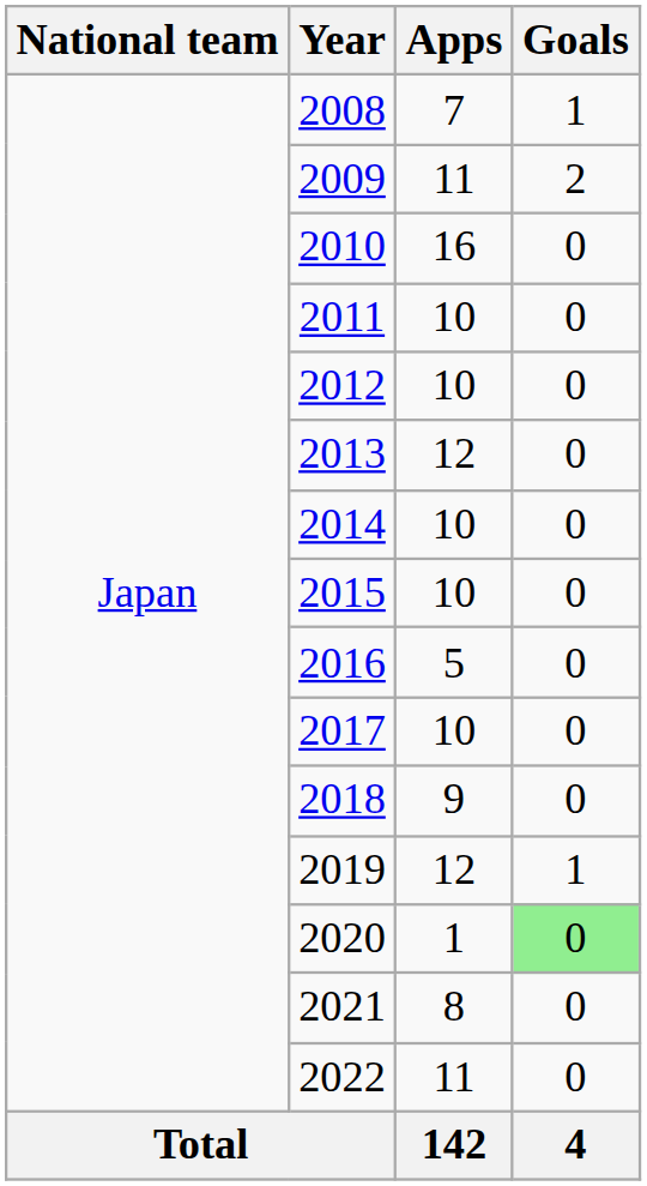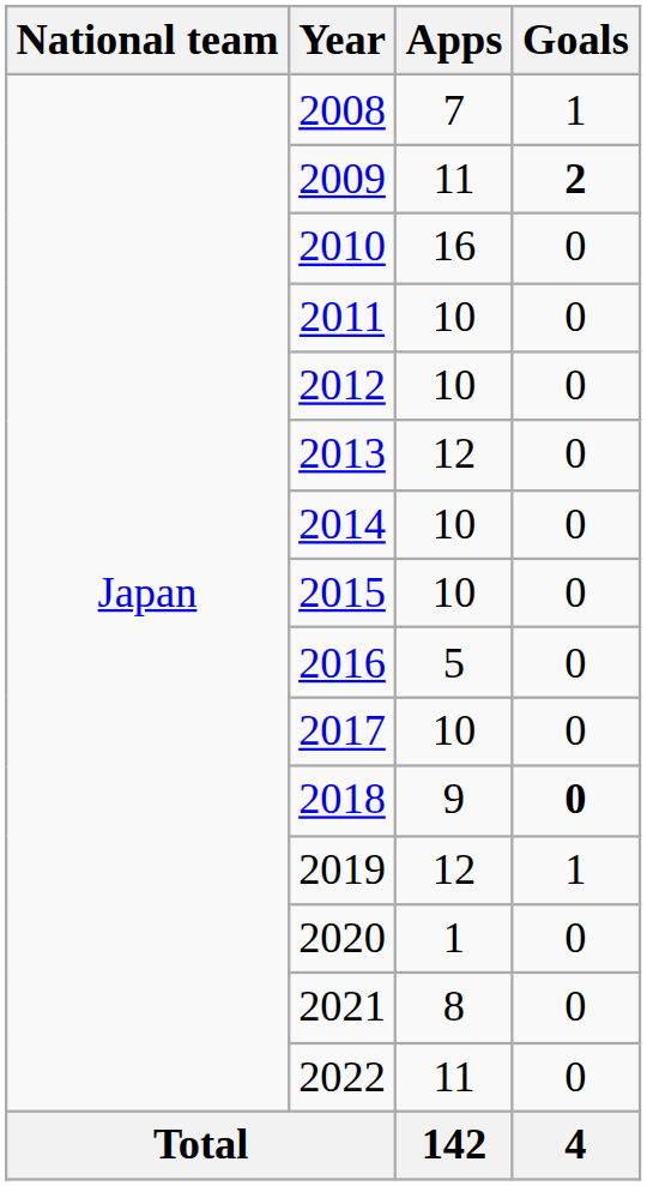 <table class="wikitable" style="text-align:center">
 <tr>
 <th>National team</th>
 <th>Year</th>
 <th>Apps</th>
 <th>Goals</th>
 </tr>
 <tr>
 <td rowspan="15"><a href='#'>Japan</a></td>
 <td><a href='#'>2008</a></td>
 <td>7</td>
 <td>1</td>
 </tr>
 <tr>
 <td><a href='#'>2009</a></td>
 <td>11</td>
-<td>2</td>
+<td><strong>2</strong></td>
 </tr>
 <tr>
 <td><a href='#'>2010</a></td>
 <td>16</td>
 <td>0</td>
 </tr>
 <tr>
 <td><a href='#'>2011</a></td>
 <td>10</td>
 <td>0</td>
 </tr>
 <tr>
 <td><a href='#'>2012</a></td>
 <td>10</td>
 <td>0</td>
 </tr>
 <tr>
 <td><a href='#'>2013</a></td>
 <td>12</td>
 <td>0</td>
 </tr>
 <tr>
 <td><a href='#'>2014</a></td>
 <td>10</td>
 <td>0</td>
 </tr>
 <tr>
 <td><a href='#'>2015</a></td>
 <td>10</td>
 <td>0</td>
 </tr>
 <tr>
 <td><a href='#'>2016</a></td>
 <td>5</td>
 <td>0</td>
 </tr>
 <tr>
 <td><a href='#'>2017</a></td>
 <td>10</td>
 <td>0</td>
 </tr>
 <tr>
 <td><a href='#'>2018</a></td>
 <td>9</td>
-<td>0</td>
+<td><strong>0</strong></td>
 </tr>
 <tr>
 <td>2019</td>
 <td>12</td>
 <td>1</td>
 </tr>
 <tr>
 <td>2020</td>
 <td>1</td>
-<td style="background: lightgreen;">0</td>
+<td>0</td>
 </tr>
 <tr>
 <td>2021</td>
 <td>8</td>
 <td>0</td>
 </tr>
 <tr>
 <td>2022</td>
 <td>11</td>
 <td>0</td>
 </tr>
 <tr>
 <th colspan="2">Total</th>
 <th>142</th>
 <th>4</th>
 </tr>
 </table>
